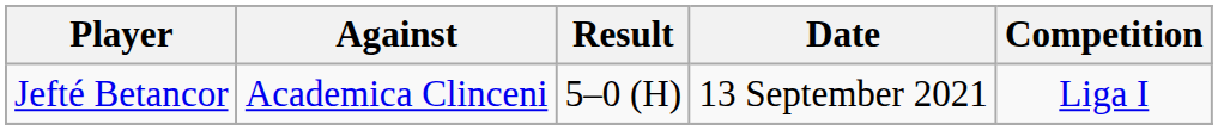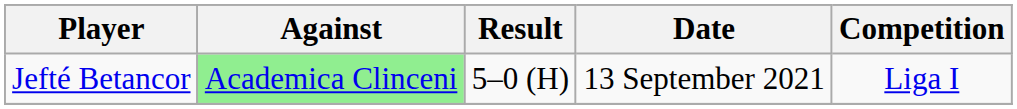 <table class="wikitable sortable">
 <tr>
 <th>Player</th>
 <th>Against</th>
 <th>Result</th>
 <th>Date</th>
 <th>Competition</th>
 </tr>
 <tr>
 <td> <a href='#'>Jefté Betancor</a></td>
-<td><a href='#'>Academica Clinceni</a></td>
+<td style="background: lightgreen;"><a href='#'>Academica Clinceni</a></td>
 <td align=center>5–0 (H)</td>
 <td>13 September 2021</td>
 <td align=center><a href='#'>Liga I</a></td>
 </tr>
 <tr>
 </tr>
 </table>
